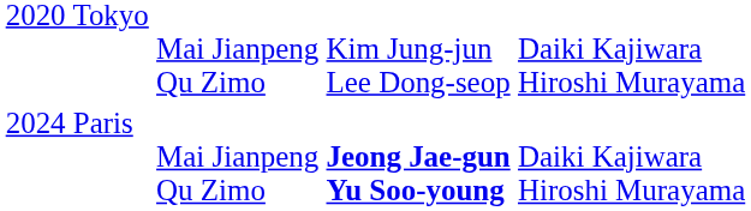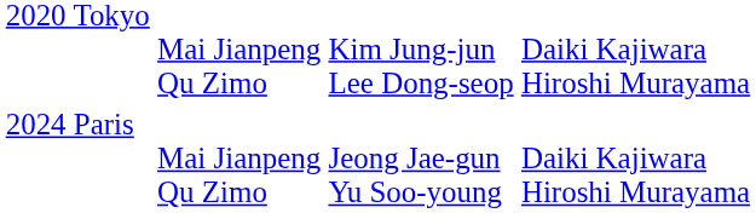 <table>
 <tr valign="top">
 <td><a href='#'>2020 Tokyo</a><br></td>
 <td><br><a href='#'>Mai Jianpeng</a><br><a href='#'>Qu Zimo</a></td>
 <td><br><a href='#'>Kim Jung-jun</a><br><a href='#'>Lee Dong-seop</a></td>
 <td><br><a href='#'>Daiki Kajiwara</a><br><a href='#'>Hiroshi Murayama</a></td>
 </tr>
 <tr valign="top">
 <td><a href='#'>2024 Paris</a><br></td>
 <td><br><a href='#'>Mai Jianpeng</a><br><a href='#'>Qu Zimo</a></td>
-<td><strong><br><a href='#'>Jeong Jae-gun</a><br><a href='#'>Yu Soo-young</a></strong></td>
+<td><br><a href='#'>Jeong Jae-gun</a><br><a href='#'>Yu Soo-young</a></td>
 <td><br><a href='#'>Daiki Kajiwara</a><br><a href='#'>Hiroshi Murayama</a></td>
 </tr>
 </table>
